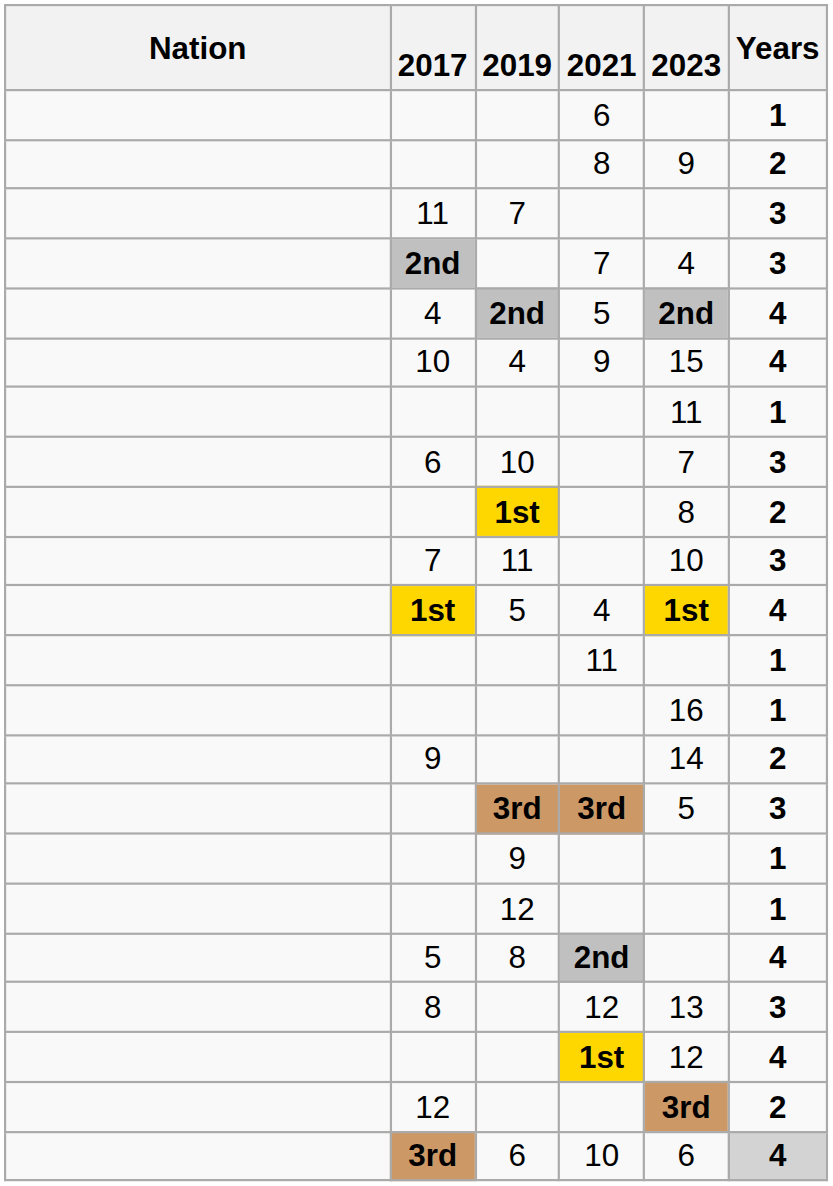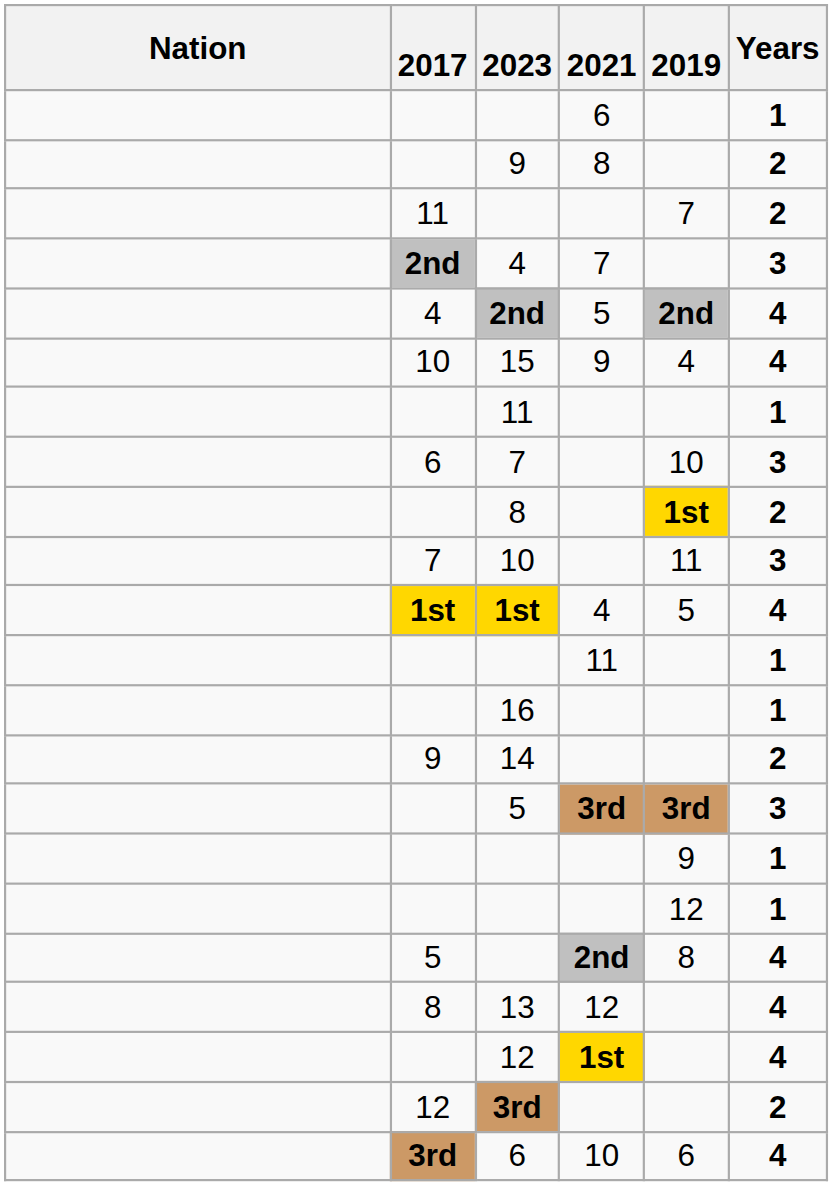 <table class="wikitable" style="text-align:center; font-size:90%">
 <tr>
 <th width=170>Nation</th>
 <th><br>2017</th>
+<th><br>2023</th>
+<th><br>2021</th>
 <th><br>2019</th>
-<th><br>2021</th>
-<th><br>2023</th>
 <th>Years</th>
 </tr>
 <tr>
 <td align=left></td>
 <td></td>
 <td></td>
 <td>6</td>
 <td></td>
 <td><strong>1</strong></td>
 </tr>
 <tr>
 <td align=left></td>
 <td></td>
+<td>9</td>
+<td>8</td>
 <td></td>
-<td>8</td>
-<td>9</td>
 <td><strong>2</strong></td>
 </tr>
 <tr>
 <td align=left></td>
 <td>11</td>
-<td>7</td>
 <td></td>
 <td></td>
-<td><strong>3</strong></td>
+<td>7</td>
+<td><strong>2</strong></td>
 </tr>
 <tr>
 <td align=left></td>
 <td bgcolor=silver><strong>2nd</strong></td>
+<td>4</td>
+<td>7</td>
 <td></td>
-<td>7</td>
-<td>4</td>
 <td><strong>3</strong></td>
 </tr>
 <tr>
 <td align=left></td>
 <td>4</td>
 <td bgcolor=silver><strong>2nd</strong></td>
 <td>5</td>
 <td bgcolor=silver><strong>2nd</strong></td>
 <td><strong>4</strong></td>
 </tr>
 <tr>
 <td align=left></td>
 <td>10</td>
+<td>15</td>
+<td>9</td>
 <td>4</td>
-<td>9</td>
-<td>15</td>
 <td><strong>4</strong></td>
 </tr>
 <tr>
 <td align=left></td>
 <td></td>
+<td>11</td>
 <td></td>
 <td></td>
-<td>11</td>
 <td><strong>1</strong></td>
 </tr>
 <tr>
 <td align=left></td>
 <td>6</td>
-<td>10</td>
-<td></td>
 <td>7</td>
-<td><strong>3</strong></td>
-</tr>
-<tr>
-<td align=left></td>
-<td></td>
-<td bgcolor=gold><strong>1st</strong></td>
-<td></td>
-<td>8</td>
-<td><strong>2</strong></td>
-</tr>
-<tr>
-<td align=left></td>
-<td>7</td>
-<td>11</td>
 <td></td>
 <td>10</td>
 <td><strong>3</strong></td>
 </tr>
 <tr>
 <td align=left></td>
+<td></td>
+<td>8</td>
+<td></td>
 <td bgcolor=gold><strong>1st</strong></td>
+<td><strong>2</strong></td>
+</tr>
+<tr>
+<td align=left></td>
+<td>7</td>
+<td>10</td>
+<td></td>
+<td>11</td>
+<td><strong>3</strong></td>
+</tr>
+<tr>
+<td align=left></td>
+<td bgcolor=gold><strong>1st</strong></td>
+<td bgcolor=gold><strong>1st</strong></td>
+<td>4</td>
 <td>5</td>
-<td>4</td>
-<td bgcolor=gold><strong>1st</strong></td>
 <td><strong>4</strong></td>
 </tr>
 <tr>
 <td align=left></td>
 <td></td>
 <td></td>
 <td>11</td>
 <td></td>
 <td><strong>1</strong></td>
 </tr>
 <tr>
 <td align=left></td>
 <td></td>
-<td></td>
-<td></td>
 <td>16</td>
-<td><strong>1</strong></td>
-</tr>
-<tr>
-<td align=left></td>
-<td>9</td>
-<td></td>
-<td></td>
-<td>14</td>
-<td><strong>2</strong></td>
-</tr>
-<tr>
-<td align=left></td>
-<td></td>
-<td bgcolor=#cc9966><strong>3rd</strong></td>
-<td bgcolor=#cc9966><strong>3rd</strong></td>
-<td>5</td>
-<td><strong>3</strong></td>
-</tr>
-<tr>
-<td align=left></td>
-<td></td>
-<td>9</td>
 <td></td>
 <td></td>
 <td><strong>1</strong></td>
 </tr>
 <tr>
 <td align=left></td>
-<td></td>
-<td>12</td>
+<td>9</td>
+<td>14</td>
 <td></td>
 <td></td>
-<td><strong>1</strong></td>
+<td><strong>2</strong></td>
 </tr>
 <tr>
 <td align=left></td>
+<td></td>
 <td>5</td>
-<td>8</td>
-<td bgcolor=silver><strong>2nd</strong></td>
-<td></td>
-<td><strong>4</strong></td>
-</tr>
-<tr>
-<td align=left></td>
-<td>8</td>
-<td></td>
-<td>12</td>
-<td>13</td>
+<td bgcolor=#cc9966><strong>3rd</strong></td>
+<td bgcolor=#cc9966><strong>3rd</strong></td>
 <td><strong>3</strong></td>
 </tr>
 <tr>
 <td align=left></td>
 <td></td>
 <td></td>
+<td></td>
+<td>9</td>
+<td><strong>1</strong></td>
+</tr>
+<tr>
+<td align=left></td>
+<td></td>
+<td></td>
+<td></td>
+<td>12</td>
+<td><strong>1</strong></td>
+</tr>
+<tr>
+<td align=left></td>
+<td>5</td>
+<td></td>
+<td bgcolor=silver><strong>2nd</strong></td>
+<td>8</td>
+<td><strong>4</strong></td>
+</tr>
+<tr>
+<td align=left></td>
+<td>8</td>
+<td>13</td>
+<td>12</td>
+<td></td>
+<td><strong>4</strong></td>
+</tr>
+<tr>
+<td align=left></td>
+<td></td>
+<td>12</td>
 <td bgcolor=gold><strong>1st</strong></td>
-<td>12</td>
+<td></td>
 <td><strong>4</strong></td>
 </tr>
 <tr>
 <td align=left></td>
 <td>12</td>
+<td bgcolor=#cc9966><strong>3rd</strong></td>
 <td></td>
 <td></td>
-<td bgcolor=#cc9966><strong>3rd</strong></td>
 <td><strong>2</strong></td>
 </tr>
 <tr>
 <td align=left></td>
 <td bgcolor=#cc9966><strong>3rd</strong></td>
 <td>6</td>
 <td>10</td>
 <td>6</td>
-<td style="background: lightgrey;"><strong>4</strong></td>
+<td><strong>4</strong></td>
 </tr>
 </table>
